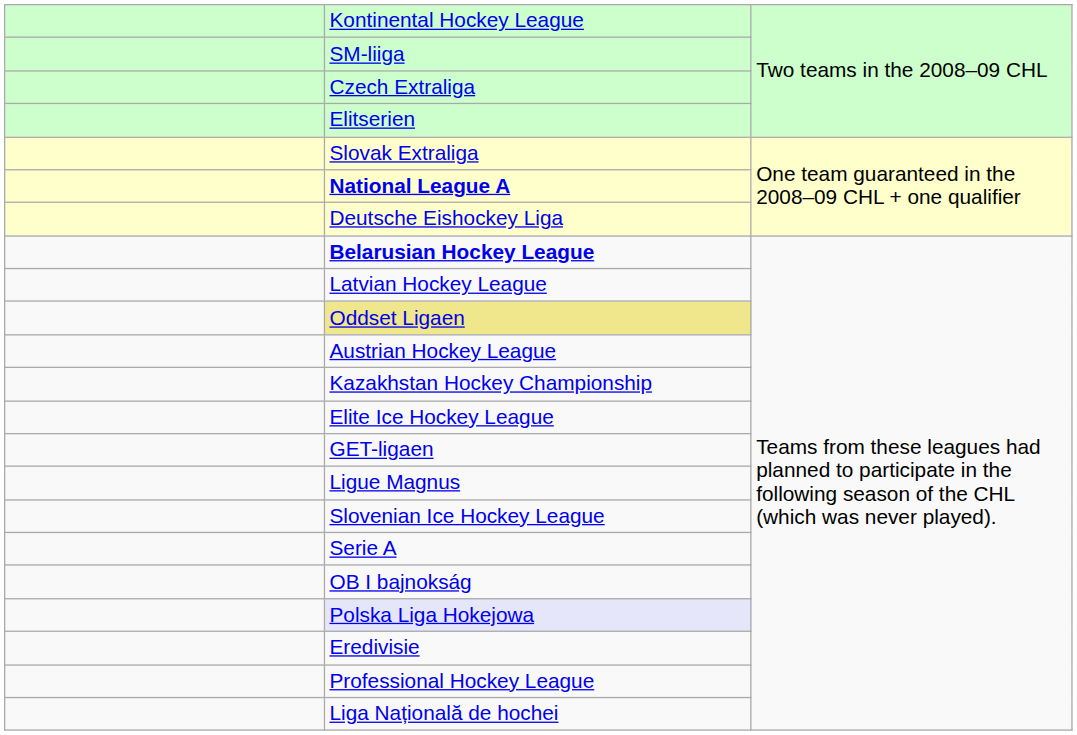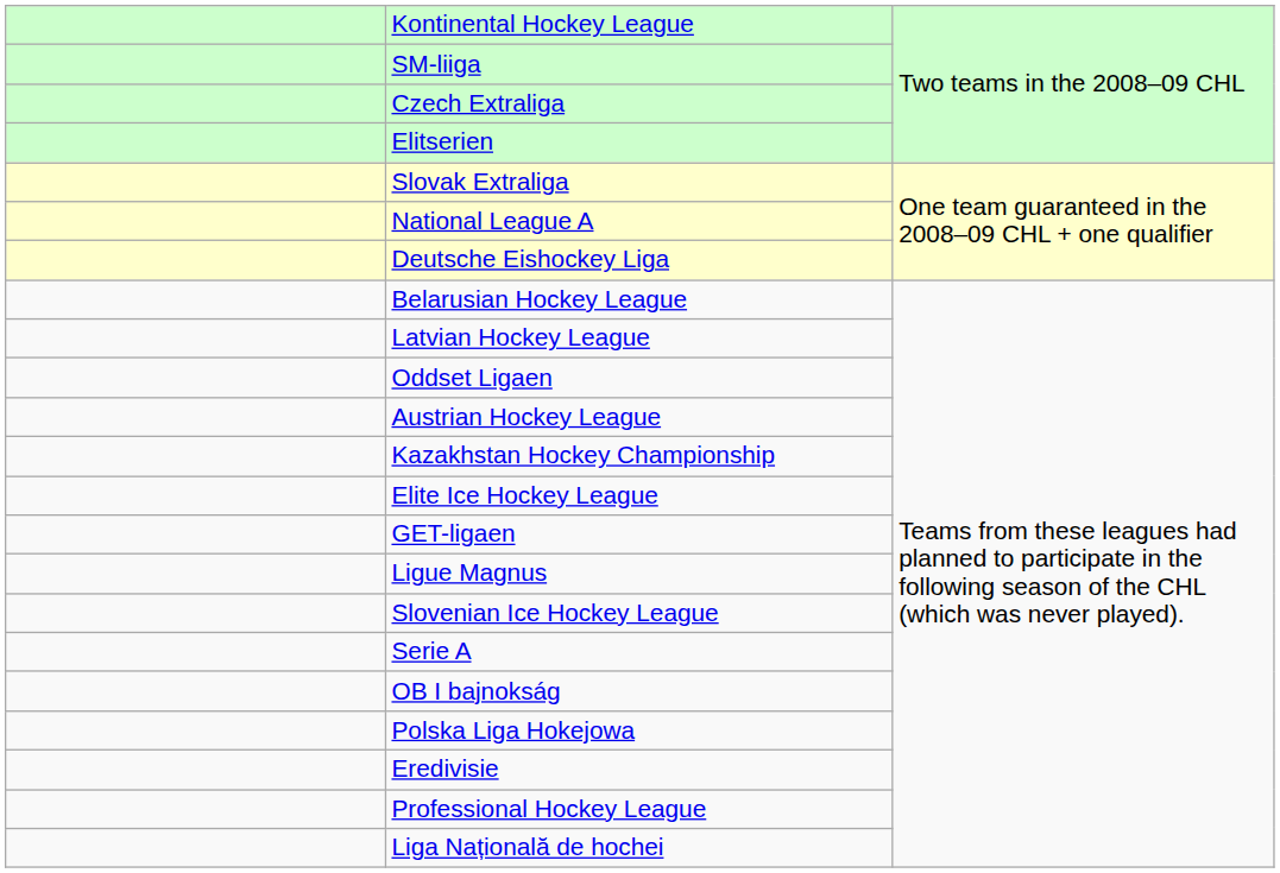 <table class="wikitable" width="65%">
 <tr bgcolor="#CCFFCC">
 <td width="30%"></td>
 <td width="40%"><a href='#'>Kontinental Hockey League</a></td>
 <td rowspan="4" width="33%">Two teams in the 2008–09 CHL</td>
 </tr>
 <tr bgcolor="#CCFFCC">
 <td></td>
 <td><a href='#'>SM-liiga</a></td>
 </tr>
 <tr bgcolor="#CCFFCC">
 <td></td>
 <td><a href='#'>Czech Extraliga</a></td>
 </tr>
 <tr bgcolor="#CCFFCC">
 <td></td>
 <td><a href='#'>Elitserien</a></td>
 </tr>
 <tr bgcolor="#FFFFCC">
 <td></td>
 <td><a href='#'>Slovak Extraliga</a></td>
 <td rowspan="3" width="66%">One team guaranteed in the 2008–09 CHL + one qualifier</td>
 </tr>
 <tr bgcolor="#FFFFCC">
 <td></td>
-<td><strong><a href='#'>National League A</a></strong></td>
+<td><a href='#'>National League A</a></td>
 </tr>
 <tr bgcolor="#FFFFCC">
 <td></td>
 <td><a href='#'>Deutsche Eishockey Liga</a></td>
 </tr>
 <tr>
 <td></td>
-<td><strong><a href='#'>Belarusian Hockey League</a></strong></td>
+<td><a href='#'>Belarusian Hockey League</a></td>
 <td rowspan="15">Teams from these leagues had planned to participate in the following season of the CHL (which was never played).</td>
 </tr>
 <tr>
 <td></td>
 <td><a href='#'>Latvian Hockey League</a></td>
 </tr>
 <tr>
 <td></td>
-<td style="background: khaki;"><a href='#'>Oddset Ligaen</a></td>
+<td><a href='#'>Oddset Ligaen</a></td>
 </tr>
 <tr>
 <td></td>
 <td><a href='#'>Austrian Hockey League</a></td>
 </tr>
 <tr>
 <td></td>
 <td><a href='#'>Kazakhstan Hockey Championship</a></td>
 </tr>
 <tr>
 <td></td>
 <td><a href='#'>Elite Ice Hockey League</a></td>
 </tr>
 <tr>
 <td></td>
 <td><a href='#'>GET-ligaen</a></td>
 </tr>
 <tr>
 <td></td>
 <td><a href='#'>Ligue Magnus</a></td>
 </tr>
 <tr>
 <td></td>
 <td><a href='#'>Slovenian Ice Hockey League</a></td>
 </tr>
 <tr>
 <td></td>
 <td><a href='#'>Serie A</a></td>
 </tr>
 <tr>
 <td></td>
 <td><a href='#'>OB I bajnokság</a></td>
 </tr>
 <tr>
 <td></td>
-<td style="background: lavender;"><a href='#'>Polska Liga Hokejowa</a></td>
+<td><a href='#'>Polska Liga Hokejowa</a></td>
 </tr>
 <tr>
 <td></td>
 <td><a href='#'>Eredivisie</a></td>
 </tr>
 <tr>
 <td></td>
 <td><a href='#'>Professional Hockey League</a></td>
 </tr>
 <tr>
 <td></td>
 <td><a href='#'>Liga Națională de hochei</a></td>
 </tr>
 </table>
